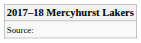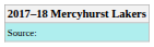 <table class="wikitable">
 <tr>
 <th>2017–18 Mercyhurst Lakers</th>
 </tr>
 <tr>
-<td><small>Source:</small></td>
+<td style="background: paleturquoise;"><small>Source:</small></td>
 </tr>
 </table>
